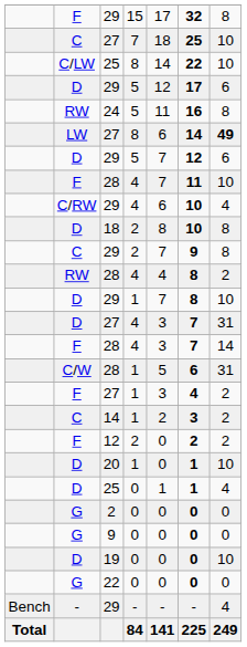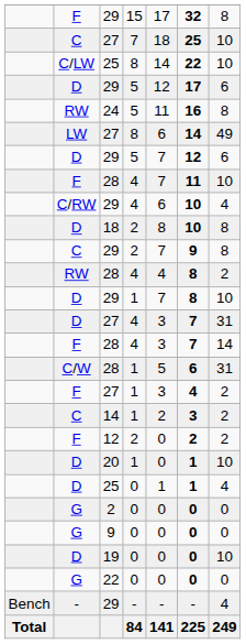 <table class="wikitable sortable">
 <tr align="center">
 </tr>
 <tr align="center" bgcolor="">
 <td></td>
 <td><a href='#'>F</a></td>
 <td>29</td>
 <td>15</td>
 <td>17</td>
 <td><strong>32</strong></td>
 <td>8</td>
 </tr>
 <tr align="center" bgcolor="f0f0f0">
 <td></td>
 <td><a href='#'>C</a></td>
 <td>27</td>
 <td>7</td>
 <td>18</td>
 <td><strong>25</strong></td>
 <td>10</td>
 </tr>
 <tr align="center" bgcolor="">
 <td></td>
 <td><a href='#'>C</a>/<a href='#'>LW</a></td>
 <td>25</td>
 <td>8</td>
 <td>14</td>
 <td><strong>22</strong></td>
 <td>10</td>
 </tr>
 <tr align="center" bgcolor="f0f0f0">
 <td></td>
 <td><a href='#'>D</a></td>
 <td>29</td>
 <td>5</td>
 <td>12</td>
 <td><strong>17</strong></td>
 <td>6</td>
 </tr>
 <tr align="center" bgcolor="">
 <td></td>
 <td><a href='#'>RW</a></td>
 <td>24</td>
 <td>5</td>
 <td>11</td>
 <td><strong>16</strong></td>
 <td>8</td>
 </tr>
 <tr align="center" bgcolor="f0f0f0">
 <td></td>
 <td><a href='#'>LW</a></td>
 <td>27</td>
 <td>8</td>
 <td>6</td>
 <td><strong>14</strong></td>
-<td><strong>49</strong></td>
+<td>49</td>
 </tr>
 <tr align="center" bgcolor="">
 <td></td>
 <td><a href='#'>D</a></td>
 <td>29</td>
 <td>5</td>
 <td>7</td>
 <td><strong>12</strong></td>
 <td>6</td>
 </tr>
 <tr align="center" bgcolor="f0f0f0">
 <td></td>
 <td><a href='#'>F</a></td>
 <td>28</td>
 <td>4</td>
 <td>7</td>
 <td><strong>11</strong></td>
 <td>10</td>
 </tr>
 <tr align="center" bgcolor="">
 <td></td>
 <td><a href='#'>C</a>/<a href='#'>RW</a></td>
 <td>29</td>
 <td>4</td>
 <td>6</td>
 <td><strong>10</strong></td>
 <td>4</td>
 </tr>
 <tr align="center" bgcolor="f0f0f0">
 <td></td>
 <td><a href='#'>D</a></td>
 <td>18</td>
 <td>2</td>
 <td>8</td>
 <td><strong>10</strong></td>
 <td>8</td>
 </tr>
 <tr align="center" bgcolor="">
 <td></td>
 <td><a href='#'>C</a></td>
 <td>29</td>
 <td>2</td>
 <td>7</td>
 <td><strong>9</strong></td>
 <td>8</td>
 </tr>
 <tr align="center" bgcolor="f0f0f0">
 <td></td>
 <td><a href='#'>RW</a></td>
 <td>28</td>
 <td>4</td>
 <td>4</td>
 <td><strong>8</strong></td>
 <td>2</td>
 </tr>
 <tr align="center" bgcolor="">
 <td></td>
 <td><a href='#'>D</a></td>
 <td>29</td>
 <td>1</td>
 <td>7</td>
 <td><strong>8</strong></td>
 <td>10</td>
 </tr>
 <tr align="center" bgcolor="f0f0f0">
 <td></td>
 <td><a href='#'>D</a></td>
 <td>27</td>
 <td>4</td>
 <td>3</td>
 <td><strong>7</strong></td>
 <td>31</td>
 </tr>
 <tr align="center" bgcolor="">
 <td></td>
 <td><a href='#'>F</a></td>
 <td>28</td>
 <td>4</td>
 <td>3</td>
 <td><strong>7</strong></td>
 <td>14</td>
 </tr>
 <tr align="center" bgcolor="f0f0f0">
 <td></td>
 <td><a href='#'>C</a>/<a href='#'>W</a></td>
 <td>28</td>
 <td>1</td>
 <td>5</td>
 <td><strong>6</strong></td>
 <td>31</td>
 </tr>
 <tr align="center" bgcolor="">
 <td></td>
 <td><a href='#'>F</a></td>
 <td>27</td>
 <td>1</td>
 <td>3</td>
 <td><strong>4</strong></td>
 <td>2</td>
 </tr>
 <tr align="center" bgcolor="f0f0f0">
 <td></td>
 <td><a href='#'>C</a></td>
 <td>14</td>
 <td>1</td>
 <td>2</td>
 <td><strong>3</strong></td>
 <td>2</td>
 </tr>
 <tr align="center" bgcolor="">
 <td></td>
 <td><a href='#'>F</a></td>
 <td>12</td>
 <td>2</td>
 <td>0</td>
 <td><strong>2</strong></td>
 <td>2</td>
 </tr>
 <tr align="center" bgcolor="f0f0f0">
 <td></td>
 <td><a href='#'>D</a></td>
 <td>20</td>
 <td>1</td>
 <td>0</td>
 <td><strong>1</strong></td>
 <td>10</td>
 </tr>
 <tr align="center" bgcolor="">
 <td></td>
 <td><a href='#'>D</a></td>
 <td>25</td>
 <td>0</td>
 <td>1</td>
 <td><strong>1</strong></td>
 <td>4</td>
 </tr>
 <tr align="center" bgcolor="f0f0f0">
 <td></td>
 <td><a href='#'>G</a></td>
 <td>2</td>
 <td>0</td>
 <td>0</td>
 <td><strong>0</strong></td>
 <td>0</td>
 </tr>
 <tr align="center" bgcolor="">
 <td></td>
 <td><a href='#'>G</a></td>
 <td>9</td>
 <td>0</td>
 <td>0</td>
 <td><strong>0</strong></td>
 <td>0</td>
 </tr>
 <tr align="center" bgcolor="f0f0f0">
 <td></td>
 <td><a href='#'>D</a></td>
 <td>19</td>
 <td>0</td>
 <td>0</td>
 <td><strong>0</strong></td>
 <td>10</td>
 </tr>
 <tr align="center" bgcolor="">
 <td></td>
 <td><a href='#'>G</a></td>
 <td>22</td>
 <td>0</td>
 <td>0</td>
 <td><strong>0</strong></td>
 <td>0</td>
 </tr>
 <tr align="center" bgcolor="f0f0f0">
 <td>Bench</td>
 <td>-</td>
 <td>29</td>
 <td>-</td>
 <td>-</td>
 <td>-</td>
 <td>4</td>
 </tr>
 <tr>
 <th>Total</th>
 <th></th>
 <th></th>
 <th>84</th>
 <th>141</th>
 <th>225</th>
 <th>249</th>
 </tr>
 </table>
